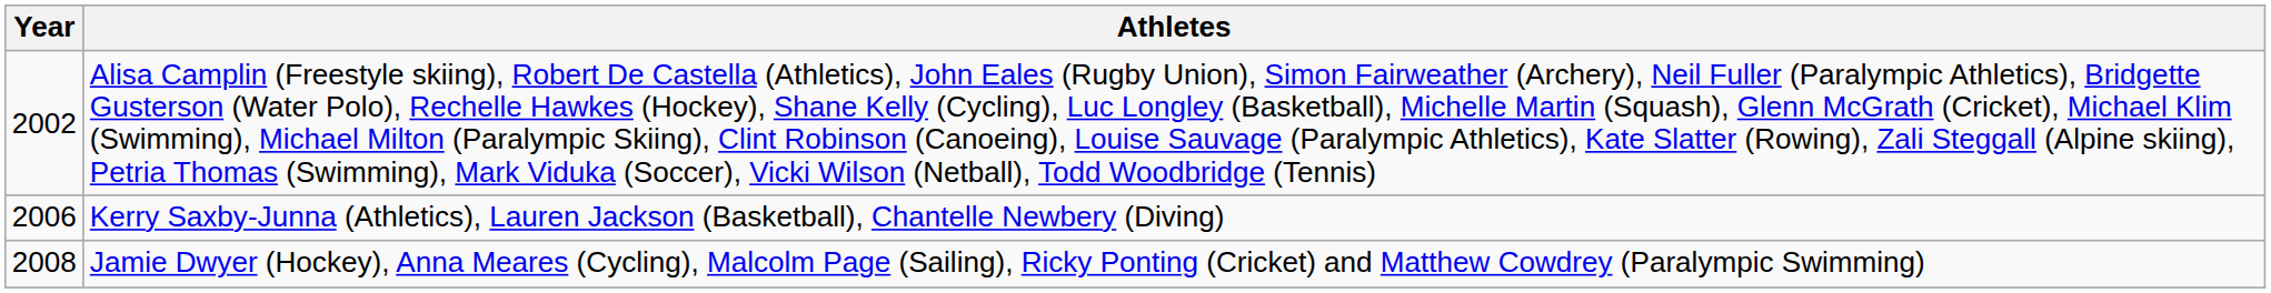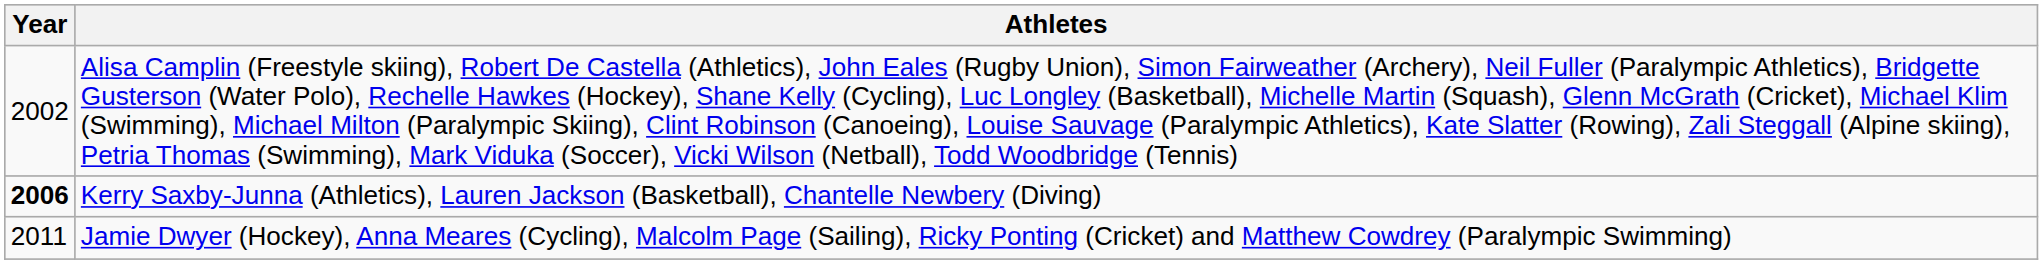 <table class="wikitable">
 <tr>
 <th>Year</th>
 <th>Athletes</th>
 </tr>
 <tr>
 <td>2002</td>
 <td><a href='#'>Alisa Camplin</a> (Freestyle skiing), <a href='#'>Robert De Castella</a> (Athletics), <a href='#'>John Eales</a> (Rugby Union), <a href='#'>Simon Fairweather</a> (Archery), <a href='#'>Neil Fuller</a> (Paralympic Athletics), <a href='#'>Bridgette Gusterson</a> (Water Polo), <a href='#'>Rechelle Hawkes</a> (Hockey), <a href='#'>Shane Kelly</a> (Cycling), <a href='#'>Luc Longley</a> (Basketball), <a href='#'>Michelle Martin</a> (Squash), <a href='#'>Glenn McGrath</a> (Cricket), <a href='#'>Michael Klim</a> (Swimming), <a href='#'>Michael Milton</a> (Paralympic Skiing), <a href='#'>Clint Robinson</a> (Canoeing), <a href='#'>Louise Sauvage</a> (Paralympic Athletics), <a href='#'>Kate Slatter</a> (Rowing), <a href='#'>Zali Steggall</a> (Alpine skiing), <a href='#'>Petria Thomas</a> (Swimming), <a href='#'>Mark Viduka</a> (Soccer), <a href='#'>Vicki Wilson</a> (Netball), <a href='#'>Todd Woodbridge</a> (Tennis)</td>
 </tr>
 <tr>
-<td>2006</td>
+<td><strong>2006</strong></td>
 <td><a href='#'>Kerry Saxby-Junna</a> (Athletics), <a href='#'>Lauren Jackson</a> (Basketball), <a href='#'>Chantelle Newbery</a> (Diving)</td>
 </tr>
 <tr>
-<td>2008</td>
+<td>2011</td>
 <td><a href='#'>Jamie Dwyer</a> (Hockey), <a href='#'>Anna Meares</a> (Cycling), <a href='#'>Malcolm Page</a> (Sailing), <a href='#'>Ricky Ponting</a> (Cricket) and <a href='#'>Matthew Cowdrey</a> (Paralympic Swimming)</td>
 </tr>
 </table>
